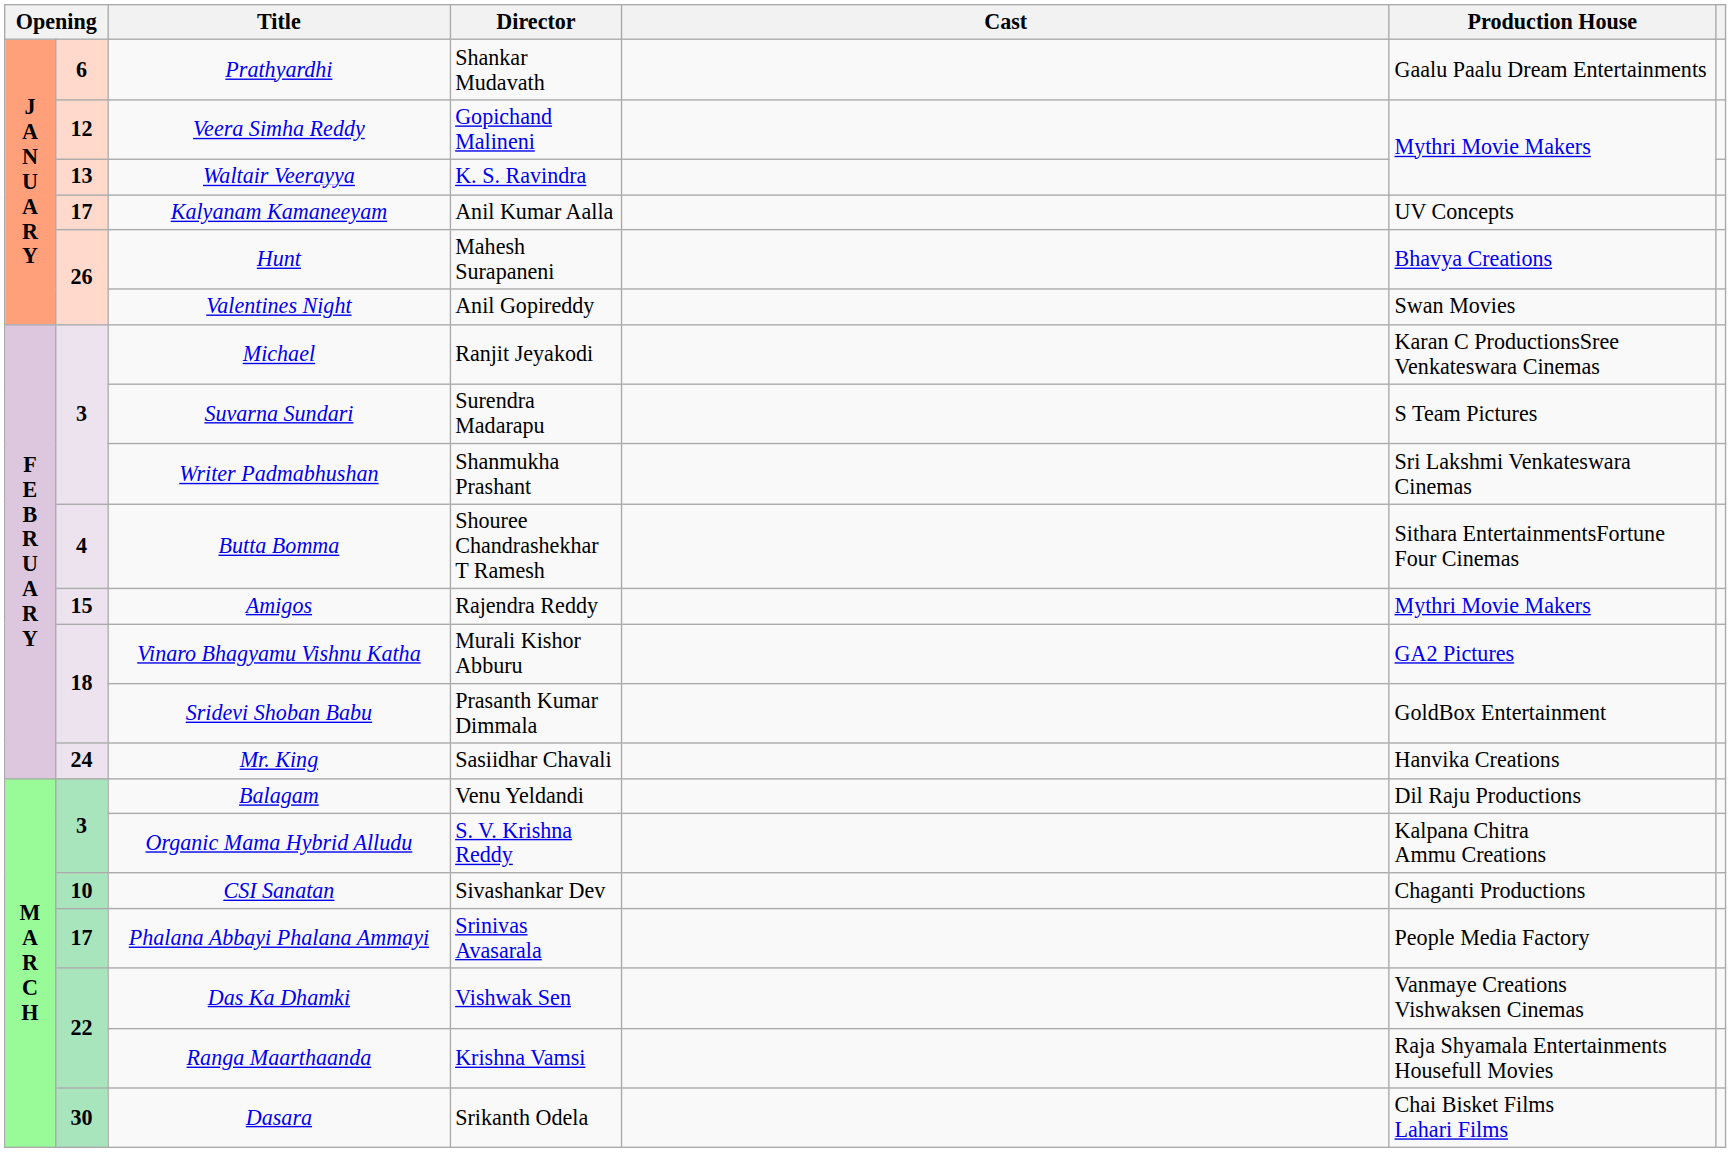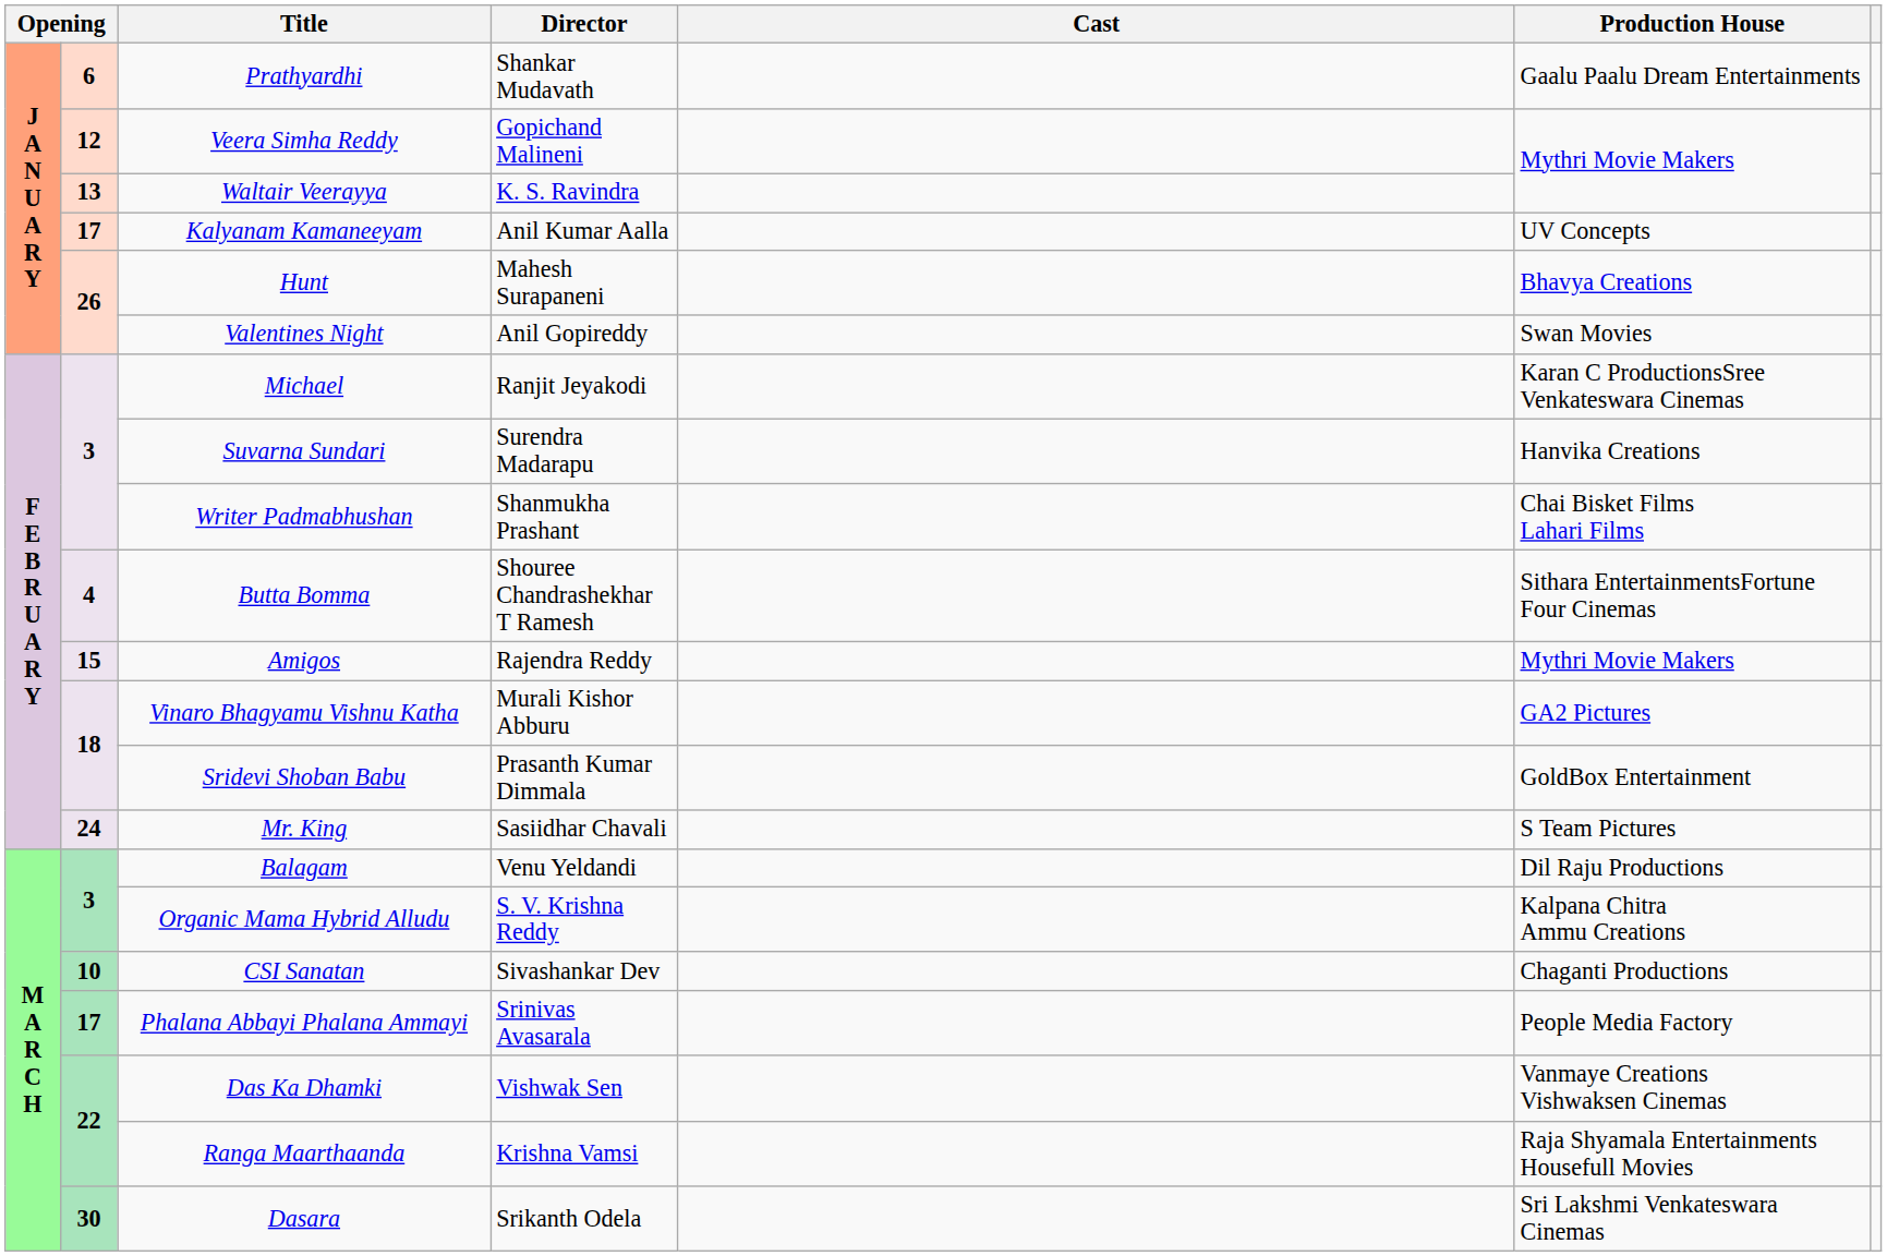 <table class="wikitable sortable">
 <tr>
 <th colspan="2" style="width:6%;"><strong>Opening</strong></th>
 <th style="width:20%;"><strong>Title</strong></th>
 <th style="width:10%;"><strong>Director</strong></th>
 <th style="width:45%;"><strong>Cast</strong></th>
 <th style="width:30%;"><strong>Production House</strong></th>
 <th style="width:1%;" class="unsortable"></th>
 </tr>
 <tr>
 <td rowspan="6" style="text-align:center;background:#ffa07a;textcolor:#000;"><strong>J<br>A<br>N<br>U<br>A<br>R<br>Y</strong></td>
 <td rowspan="1" style="text-align:center;background:#ffdacc;"><strong>6</strong></td>
 <td style="text-align:center;"><em><a href='#'>Prathyardhi</a></em></td>
 <td>Shankar Mudavath</td>
 <td></td>
 <td>Gaalu Paalu Dream Entertainments</td>
 <td></td>
 </tr>
 <tr>
 <td rowspan="1" style="text-align:center;background:#ffdacc;"><strong>12</strong></td>
 <td style="text-align:center;"><em><a href='#'>Veera Simha Reddy</a></em></td>
 <td><a href='#'>Gopichand Malineni</a></td>
 <td></td>
 <td rowspan="2"><a href='#'>Mythri Movie Makers</a></td>
 <td></td>
 </tr>
 <tr>
 <td rowspan="1" style="text-align:center;background:#ffdacc;"><strong>13</strong></td>
 <td style="text-align:center;"><em><a href='#'>Waltair Veerayya</a></em></td>
 <td><a href='#'>K. S. Ravindra</a></td>
 <td></td>
 <td></td>
 </tr>
 <tr>
 <td rowspan="1" style="text-align:center;background:#ffdacc;"><strong>17</strong></td>
 <td style="text-align:center;"><a href='#'><em>Kalyanam Kamaneeyam</em></a></td>
 <td>Anil Kumar Aalla</td>
 <td></td>
 <td>UV Concepts</td>
 <td></td>
 </tr>
 <tr>
 <td rowspan="2" style="text-align:center;background:#ffdacc;"><strong>26</strong></td>
 <td style="text-align:center;"><em><a href='#'>Hunt</a></em></td>
 <td>Mahesh Surapaneni</td>
 <td></td>
 <td><a href='#'>Bhavya Creations</a></td>
 <td></td>
 </tr>
 <tr>
 <td style="text-align:center;"><em><a href='#'>Valentines Night</a></em></td>
 <td>Anil Gopireddy</td>
 <td></td>
 <td>Swan Movies</td>
 <td></td>
 </tr>
 <tr>
 <td rowspan="8" style="text-align:center; background:#dcc7df; textcolor:#000;"><strong>F<br>E<br>B<br>R<br>U<br>A<br>R<br>Y</strong></td>
 <td rowspan="3" style="text-align:center; background:#ede3ef;"><strong>3</strong></td>
 <td style="text-align:center;"><em><a href='#'>Michael</a></em></td>
 <td>Ranjit Jeyakodi</td>
 <td></td>
 <td>Karan C ProductionsSree Venkateswara Cinemas</td>
 <td></td>
 </tr>
 <tr>
 <td style="text-align:center;"><em><a href='#'>Suvarna Sundari</a></em></td>
 <td>Surendra Madarapu</td>
 <td></td>
-<td>S Team Pictures</td>
+<td>Hanvika Creations</td>
 <td></td>
 </tr>
 <tr>
 <td style="text-align:center;"><em><a href='#'>Writer Padmabhushan</a></em></td>
 <td>Shanmukha Prashant</td>
 <td></td>
-<td>Sri Lakshmi Venkateswara Cinemas</td>
+<td>Chai Bisket Films<br><a href='#'>Lahari Films</a></td>
 <td></td>
 </tr>
 <tr>
 <td rowspan="1" style="text-align:center; background:#ede3ef;"><strong>4</strong></td>
 <td style="text-align:center;"><em><a href='#'>Butta Bomma</a></em></td>
 <td>Shouree Chandrashekhar T Ramesh</td>
 <td></td>
 <td>Sithara EntertainmentsFortune Four Cinemas</td>
 <td></td>
 </tr>
 <tr>
 <td style="text-align:center; background:#ede3ef;"><strong>15</strong></td>
 <td style="text-align:center;"><em><a href='#'>Amigos</a></em></td>
 <td>Rajendra Reddy</td>
 <td></td>
 <td><a href='#'>Mythri Movie Makers</a></td>
 <td></td>
 </tr>
 <tr>
 <td rowspan="2" style="text-align:center; background:#ede3ef;"><strong>18</strong></td>
 <td style="text-align:center;"><em><a href='#'>Vinaro Bhagyamu Vishnu Katha</a></em></td>
 <td>Murali Kishor Abburu</td>
 <td></td>
 <td><a href='#'>GA2 Pictures</a></td>
 <td></td>
 </tr>
 <tr>
 <td style="text-align:center;"><em><a href='#'>Sridevi Shoban Babu</a></em></td>
 <td>Prasanth Kumar Dimmala</td>
 <td></td>
 <td>GoldBox Entertainment</td>
 <td></td>
 </tr>
 <tr>
 <td rowspan="1" style="text-align:center; background:#ede3ef;"><strong>24</strong></td>
 <td style="text-align:center;"><em><a href='#'>Mr. King</a></em></td>
 <td>Sasiidhar Chavali</td>
 <td></td>
-<td>Hanvika Creations</td>
+<td>S Team Pictures</td>
 <td></td>
 </tr>
 <tr>
 <td rowspan="7" style="text-align:center; background:#98fb98; textcolor:#000;"><strong>M<br>A<br>R<br>C<br>H</strong></td>
 <td rowspan="2" style="text-align:center; background:#a8e4bc;"><strong>3</strong></td>
 <td style="text-align:center;"><em><a href='#'>Balagam</a></em></td>
 <td>Venu Yeldandi</td>
 <td></td>
 <td>Dil Raju Productions</td>
 <td></td>
 </tr>
 <tr>
 <td style="text-align:center;"><em><a href='#'>Organic Mama Hybrid Alludu</a></em></td>
 <td><a href='#'>S. V. Krishna Reddy</a></td>
 <td></td>
 <td>Kalpana Chitra <br> Ammu Creations</td>
 <td></td>
 </tr>
 <tr>
 <td rowspan="1" style="text-align:center; background:#a8e4bc;"><strong>10</strong></td>
 <td style="text-align:center;"><em><a href='#'>CSI Sanatan</a></em></td>
 <td>Sivashankar Dev</td>
 <td></td>
 <td>Chaganti Productions</td>
 <td></td>
 </tr>
 <tr>
 <td rowspan="1" style="text-align:center; background:#a8e4bc;"><strong>17</strong></td>
 <td style="text-align:center;"><em><a href='#'>Phalana Abbayi Phalana Ammayi</a></em></td>
 <td><a href='#'>Srinivas Avasarala</a></td>
 <td></td>
 <td>People Media Factory</td>
 <td></td>
 </tr>
 <tr>
 <td rowspan="2" style="text-align:center; background:#a8e4bc;"><strong>22</strong></td>
 <td style="text-align:center;"><em><a href='#'>Das Ka Dhamki</a></em></td>
 <td><a href='#'>Vishwak Sen</a></td>
 <td></td>
 <td>Vanmaye Creations<br>Vishwaksen Cinemas</td>
 <td></td>
 </tr>
 <tr>
 <td style="text-align:center;"><em><a href='#'>Ranga Maarthaanda</a></em></td>
 <td><a href='#'>Krishna Vamsi</a></td>
 <td></td>
 <td>Raja Shyamala Entertainments<br>Housefull Movies</td>
 <td></td>
 </tr>
 <tr>
 <td rowspan="1" style="text-align:center; background:#a8e4bc;"><strong>30</strong></td>
 <td style="text-align:center;"><em><a href='#'>Dasara</a></em></td>
 <td>Srikanth Odela</td>
 <td></td>
-<td>Chai Bisket Films<br><a href='#'>Lahari Films</a></td>
+<td>Sri Lakshmi Venkateswara Cinemas</td>
 <td></td>
 </tr>
 </table>
